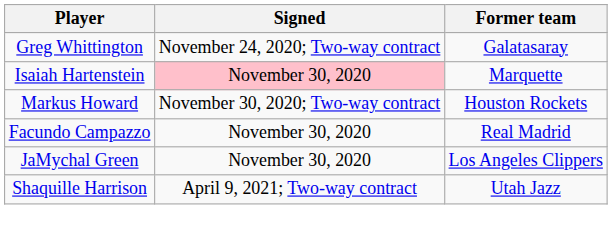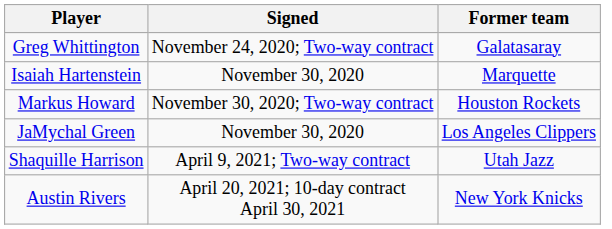 <table class="wikitable sortable sortable" style="text-align: center">
 <tr>
 <th>Player</th>
 <th>Signed</th>
 <th>Former team</th>
 </tr>
 <tr>
 <td><a href='#'>Greg Whittington</a></td>
 <td>November 24, 2020; <a href='#'>Two-way contract</a></td>
 <td> <a href='#'>Galatasaray</a></td>
 </tr>
 <tr>
 <td><a href='#'>Isaiah Hartenstein</a></td>
-<td style="background: pink;">November 30, 2020</td>
+<td>November 30, 2020</td>
 <td><a href='#'>Marquette</a></td>
 </tr>
 <tr>
 <td><a href='#'>Markus Howard</a></td>
 <td>November 30, 2020; <a href='#'>Two-way contract</a></td>
 <td><a href='#'>Houston Rockets</a></td>
-</tr>
-<tr>
-<td><a href='#'>Facundo Campazzo</a></td>
-<td>November 30, 2020</td>
-<td> <a href='#'>Real Madrid</a></td>
 </tr>
 <tr>
 <td><a href='#'>JaMychal Green</a></td>
 <td>November 30, 2020</td>
 <td><a href='#'>Los Angeles Clippers</a></td>
 </tr>
 <tr>
 <td><a href='#'>Shaquille Harrison</a></td>
 <td>April 9, 2021; <a href='#'>Two-way contract</a></td>
 <td><a href='#'>Utah Jazz</a></td>
 </tr>
+<tr>
+<td><a href='#'>Austin Rivers</a></td>
+<td>April 20, 2021; 10-day contract<br>April 30, 2021</td>
+<td><a href='#'>New York Knicks</a></td>
+</tr>
 </table>
